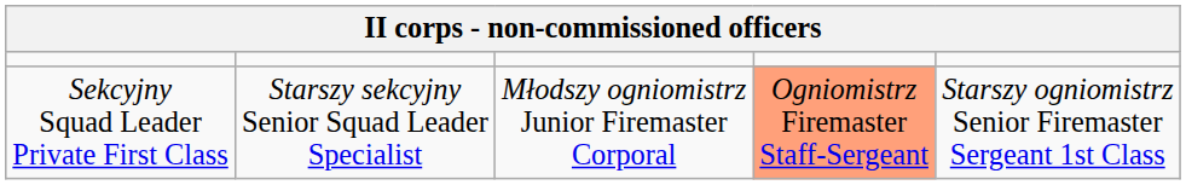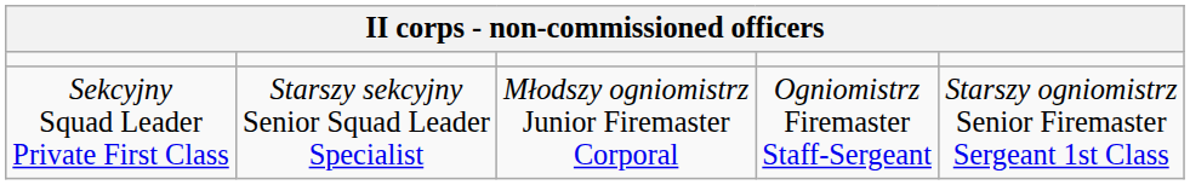 <table class="wikitable" style="text-align: center">
 <tr>
 <th colspan="5">II corps - non-commissioned officers</th>
 </tr>
 <tr>
 <td></td>
 <td></td>
 <td></td>
 <td></td>
 <td></td>
 </tr>
 <tr>
 <td><em>Sekcyjny</em> <br> Squad Leader <br> <a href='#'>Private First Class</a></td>
 <td><em>Starszy sekcyjny</em> <br> Senior Squad Leader <br> <a href='#'>Specialist</a></td>
 <td><em>Młodszy ogniomistrz</em> <br> Junior Firemaster <br> <a href='#'>Corporal</a></td>
-<td style="background: lightsalmon;"><em>Ogniomistrz</em> <br> Firemaster <br> <a href='#'>Staff-Sergeant</a></td>
+<td><em>Ogniomistrz</em> <br> Firemaster <br> <a href='#'>Staff-Sergeant</a></td>
 <td><em>Starszy ogniomistrz</em> <br> Senior Firemaster <br> <a href='#'>Sergeant 1st Class</a></td>
 </tr>
 </table>
